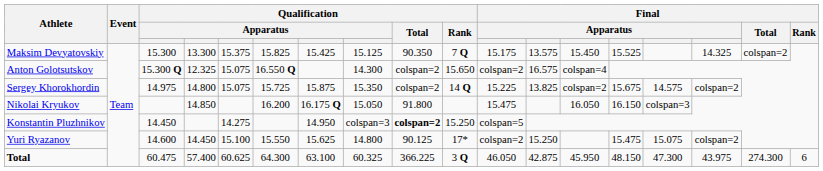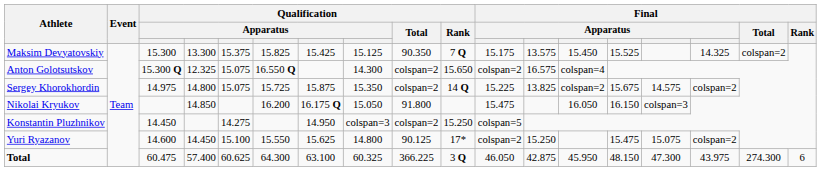 <table class="wikitable" style="font-size:90%">
 <tr>
 <th rowspan=3>Athlete</th>
 <th rowspan=3>Event</th>
 <th colspan =8>Qualification</th>
 <th colspan =8>Final</th>
 </tr>
 <tr style="font-size:95%">
 <th colspan=6>Apparatus</th>
 <th rowspan=2>Total</th>
 <th rowspan=2>Rank</th>
 <th colspan=6>Apparatus</th>
 <th rowspan=2>Total</th>
 <th rowspan=2>Rank</th>
 </tr>
 <tr style="font-size:95%">
 <th></th>
 <th></th>
 <th></th>
 <th></th>
 <th></th>
 <th></th>
 <th></th>
 <th></th>
 <th></th>
 <th></th>
 <th></th>
 <th></th>
 </tr>
 <tr align=center>
 <td align=left><a href='#'>Maksim Devyatovskiy</a></td>
 <td rowspan=7 align=left><a href='#'>Team</a></td>
 <td>15.300</td>
 <td>13.300</td>
 <td>15.375</td>
 <td>15.825</td>
 <td>15.425</td>
 <td>15.125</td>
 <td>90.350</td>
 <td>7 <strong>Q</strong></td>
 <td>15.175</td>
 <td>13.575</td>
 <td>15.450</td>
 <td>15.525</td>
 <td></td>
 <td>14.325</td>
 <td>colspan=2 </td>
 </tr>
 <tr align=center>
 <td align=left><a href='#'>Anton Golotsutskov</a></td>
 <td>15.300 <strong>Q</strong></td>
 <td>12.325</td>
 <td>15.075</td>
 <td>16.550 <strong>Q</strong></td>
 <td></td>
 <td>14.300</td>
 <td>colspan=2 </td>
 <td>15.650</td>
 <td>colspan=2 </td>
 <td>16.575</td>
 <td>colspan=4 </td>
 </tr>
 <tr align=center>
 <td align=left><a href='#'>Sergey Khorokhordin</a></td>
 <td>14.975</td>
 <td>14.800</td>
 <td>15.075</td>
 <td>15.725</td>
 <td>15.875</td>
 <td>15.350</td>
 <td>colspan=2 </td>
 <td>14 <strong>Q</strong></td>
 <td>15.225</td>
 <td>13.825</td>
 <td>colspan=2 </td>
 <td>15.675</td>
 <td>14.575</td>
 <td>colspan=2 </td>
 </tr>
 <tr align=center>
 <td align=left><a href='#'>Nikolai Kryukov</a></td>
 <td></td>
 <td>14.850</td>
 <td></td>
 <td>16.200</td>
 <td>16.175 <strong>Q</strong></td>
 <td>15.050</td>
 <td>91.800</td>
 <td></td>
 <td>15.475</td>
 <td></td>
 <td>16.050</td>
 <td>16.150</td>
 <td>colspan=3 </td>
 </tr>
 <tr align=center>
 <td align=left><a href='#'>Konstantin Pluzhnikov</a></td>
 <td>14.450</td>
 <td></td>
 <td>14.275</td>
 <td></td>
 <td>14.950</td>
 <td>colspan=3 </td>
-<td><strong>colspan=2 </strong></td>
+<td>colspan=2 </td>
 <td>15.250</td>
 <td>colspan=5 </td>
 </tr>
 <tr align=center>
 <td align=left><a href='#'>Yuri Ryazanov</a></td>
 <td>14.600</td>
 <td>14.450</td>
 <td>15.100</td>
 <td>15.550</td>
 <td>15.625</td>
 <td>14.800</td>
 <td>90.125</td>
 <td>17*</td>
 <td>colspan=2 </td>
 <td>15.250</td>
 <td></td>
 <td>15.475</td>
 <td>15.075</td>
 <td>colspan=2 </td>
 </tr>
 <tr align=center>
 <td align=left><strong>Total</strong></td>
 <td>60.475</td>
 <td>57.400</td>
 <td>60.625</td>
 <td>64.300</td>
 <td>63.100</td>
 <td>60.325</td>
 <td>366.225</td>
 <td>3 <strong>Q</strong></td>
 <td>46.050</td>
 <td>42.875</td>
 <td>45.950</td>
 <td>48.150</td>
 <td>47.300</td>
 <td>43.975</td>
 <td>274.300</td>
 <td>6</td>
 </tr>
 </table>
